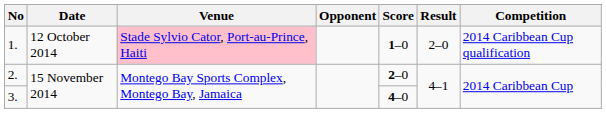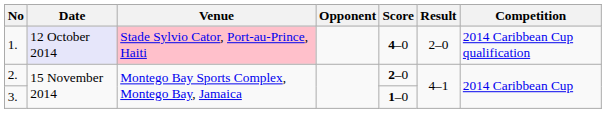 <table class="wikitable" style="font-size:85%;">
 <tr>
 <th>No</th>
 <th>Date</th>
 <th>Venue</th>
 <th>Opponent</th>
 <th>Score</th>
 <th>Result</th>
 <th>Competition</th>
 </tr>
 <tr>
 <td>1.</td>
-<td>12 October 2014</td>
+<td style="background: lavender;">12 October 2014</td>
 <td style="background: pink;"><a href='#'>Stade Sylvio Cator</a>, <a href='#'>Port-au-Prince</a>, <a href='#'>Haiti</a></td>
 <td></td>
-<td align=center><strong>1</strong>–0</td>
+<td align=center><strong>4</strong>–0</td>
 <td align=center>2–0</td>
 <td><a href='#'>2014 Caribbean Cup qualification</a></td>
 </tr>
 <tr>
 <td>2.</td>
 <td rowspan="2">15 November 2014</td>
 <td rowspan="2"><a href='#'>Montego Bay Sports Complex</a>, <a href='#'>Montego Bay</a>, <a href='#'>Jamaica</a></td>
 <td rowspan="2"></td>
 <td align=center><strong>2</strong>–0</td>
 <td rowspan="2" style="text-align:center">4–1</td>
 <td rowspan="2"><a href='#'>2014 Caribbean Cup</a></td>
 </tr>
 <tr>
 <td>3.</td>
-<td align=center><strong>4</strong>–0</td>
+<td align=center><strong>1</strong>–0</td>
 </tr>
 </table>
